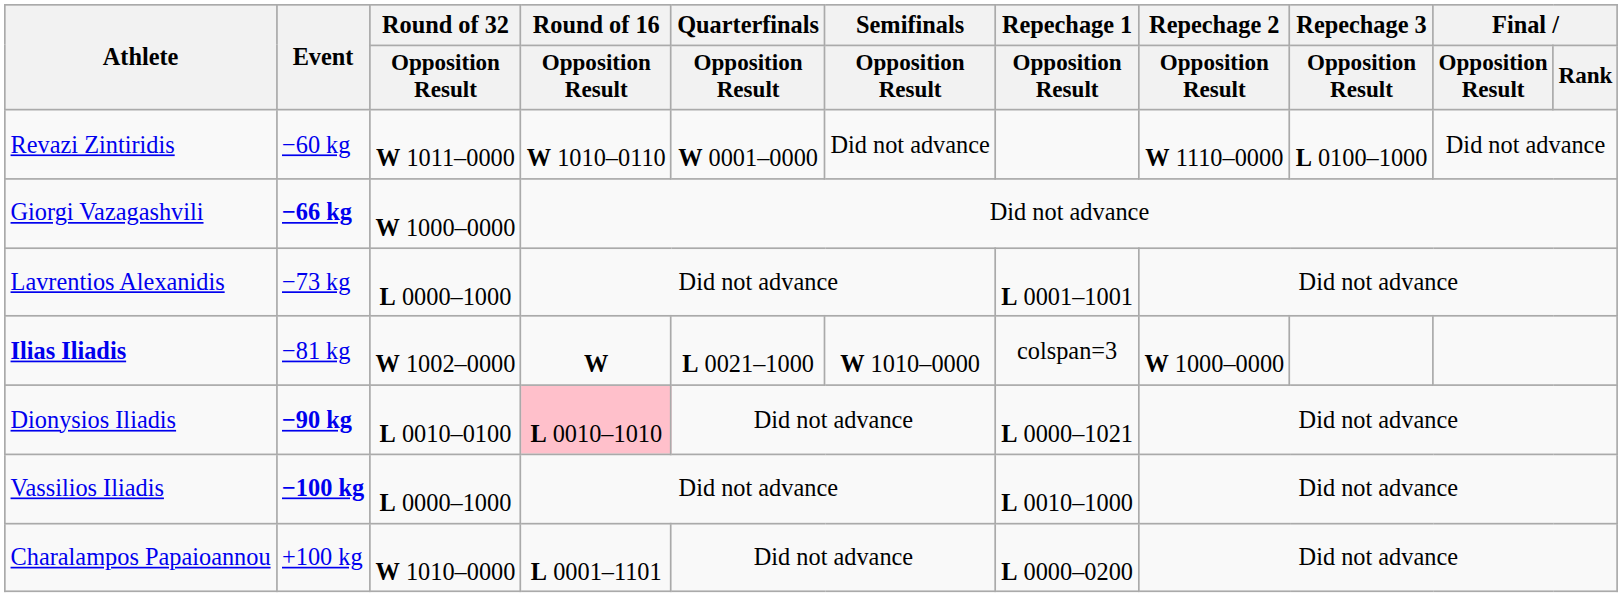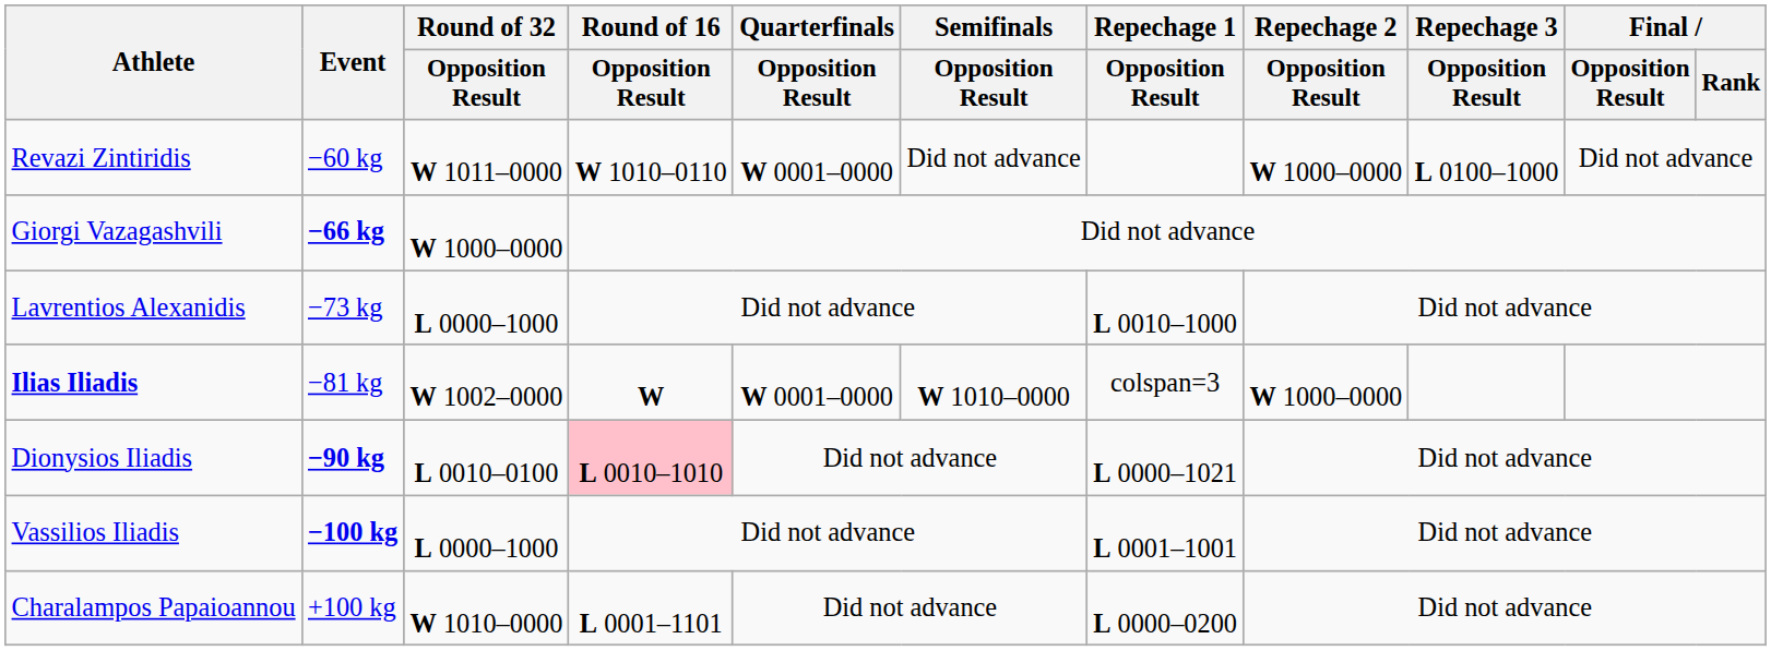 <table class="wikitable" style="font-size:90%">
 <tr>
 <th rowspan="2">Athlete</th>
 <th rowspan="2">Event</th>
 <th>Round of 32</th>
 <th>Round of 16</th>
 <th>Quarterfinals</th>
 <th>Semifinals</th>
 <th>Repechage 1</th>
 <th>Repechage 2</th>
 <th>Repechage 3</th>
 <th colspan=2>Final / </th>
 </tr>
 <tr style="font-size:95%">
 <th>Opposition<br>Result</th>
 <th>Opposition<br>Result</th>
 <th>Opposition<br>Result</th>
 <th>Opposition<br>Result</th>
 <th>Opposition<br>Result</th>
 <th>Opposition<br>Result</th>
 <th>Opposition<br>Result</th>
 <th>Opposition<br>Result</th>
 <th>Rank</th>
 </tr>
 <tr align=center>
 <td align=left><a href='#'>Revazi Zintiridis</a></td>
 <td align=left><a href='#'>−60 kg</a></td>
 <td><br><strong>W</strong> 1011–0000</td>
 <td><br><strong>W</strong> 1010–0110</td>
 <td><br><strong>W</strong> 0001–0000</td>
 <td>Did not advance</td>
 <td></td>
-<td><br><strong>W</strong> 1110–0000</td>
+<td><br><strong>W</strong> 1000–0000</td>
 <td><br><strong>L</strong> 0100–1000</td>
 <td colspan=2>Did not advance</td>
 </tr>
 <tr align=center>
 <td align=left><a href='#'>Giorgi Vazagashvili</a></td>
 <td align=left><strong><a href='#'>−66 kg</a></strong></td>
 <td><br><strong>W</strong> 1000–0000</td>
 <td colspan=8>Did not advance</td>
 </tr>
 <tr align=center>
 <td align=left><a href='#'>Lavrentios Alexanidis</a></td>
 <td align=left><a href='#'>−73 kg</a></td>
 <td><br><strong>L</strong> 0000–1000</td>
 <td colspan=3>Did not advance</td>
-<td><br><strong>L</strong> 0001–1001</td>
+<td><br><strong>L</strong> 0010–1000</td>
 <td colspan=4>Did not advance</td>
 </tr>
 <tr align=center>
 <td align=left><strong><a href='#'>Ilias Iliadis</a></strong></td>
 <td align=left><a href='#'>−81 kg</a></td>
 <td><br><strong>W</strong> 1002–0000</td>
 <td><br><strong>W</strong> </td>
-<td><br><strong>L</strong> 0021–1000</td>
+<td><br><strong>W</strong> 0001–0000</td>
 <td><br><strong>W</strong> 1010–0000</td>
 <td>colspan=3 </td>
 <td><br><strong>W</strong> 1000–0000</td>
 <td></td>
 </tr>
 <tr align=center>
 <td align=left><a href='#'>Dionysios Iliadis</a></td>
 <td align=left><strong><a href='#'>−90 kg</a></strong></td>
 <td><br><strong>L</strong> 0010–0100</td>
 <td style="background: pink;"><br><strong>L</strong> 0010–1010</td>
 <td colspan=2>Did not advance</td>
 <td><br><strong>L</strong> 0000–1021</td>
 <td colspan=4>Did not advance</td>
 </tr>
 <tr align=center>
 <td align=left><a href='#'>Vassilios Iliadis</a></td>
 <td align=left><strong><a href='#'>−100 kg</a></strong></td>
 <td><br><strong>L</strong> 0000–1000</td>
 <td colspan=3>Did not advance</td>
-<td><br><strong>L</strong> 0010–1000</td>
+<td><br><strong>L</strong> 0001–1001</td>
 <td colspan=4>Did not advance</td>
 </tr>
 <tr align=center>
 <td align=left><a href='#'>Charalampos Papaioannou</a></td>
 <td align=left><a href='#'>+100 kg</a></td>
 <td><br><strong>W</strong> 1010–0000</td>
 <td><br><strong>L</strong> 0001–1101</td>
 <td colspan=2>Did not advance</td>
 <td><br><strong>L</strong> 0000–0200</td>
 <td colspan=4>Did not advance</td>
 </tr>
 </table>
